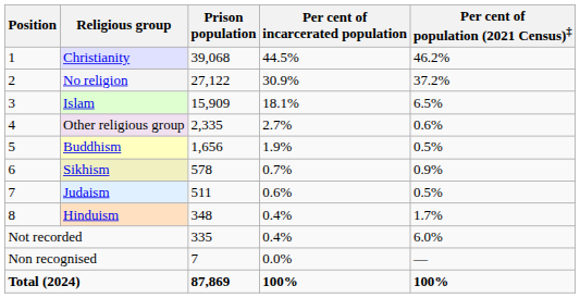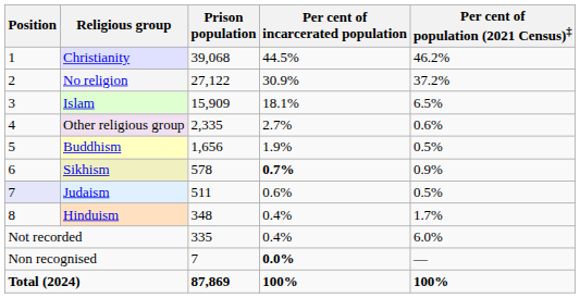 <table class="wikitable sortable">
 <tr>
 <th>Position</th>
 <th>Religious group</th>
 <th>Prison <br>population</th>
 <th>Per cent of <br>incarcerated population</th>
 <th>Per cent of <br>population (2021 Census)<sup>‡</sup></th>
 </tr>
 <tr>
 <td>1</td>
 <td style="background:#E0E0FF;"><a href='#'>Christianity</a></td>
 <td>39,068</td>
 <td>44.5%</td>
 <td>46.2%</td>
 </tr>
 <tr>
 <td>2</td>
 <td style="background:#F5F5F5;"><a href='#'>No religion</a></td>
 <td>27,122</td>
 <td>30.9%</td>
 <td>37.2%</td>
 </tr>
 <tr>
 <td>3</td>
 <td style="background:#E0FFD0;"><a href='#'>Islam</a></td>
 <td>15,909</td>
 <td>18.1%</td>
 <td>6.5%</td>
 </tr>
 <tr>
 <td>4</td>
 <td style="background:#F0E0F0;">Other religious group</td>
 <td>2,335</td>
 <td>2.7%</td>
 <td>0.6%</td>
 </tr>
 <tr>
 <td>5</td>
 <td style="background:#FFFFC0;"><a href='#'>Buddhism</a></td>
 <td>1,656</td>
 <td>1.9%</td>
 <td>0.5%</td>
 </tr>
 <tr>
 <td>6</td>
 <td style="background:#F0F0C0;"><a href='#'>Sikhism</a></td>
 <td>578</td>
-<td>0.7%</td>
+<td><strong>0.7%</strong></td>
 <td>0.9%</td>
 </tr>
 <tr>
-<td>7</td>
+<td style="background: lavender;">7</td>
 <td style="background:#E0F0FF;"><a href='#'>Judaism</a></td>
 <td>511</td>
 <td>0.6%</td>
 <td>0.5%</td>
 </tr>
 <tr>
 <td>8</td>
 <td style="background:#FFE0C0;"><a href='#'>Hinduism</a></td>
 <td>348</td>
 <td>0.4%</td>
 <td>1.7%</td>
 </tr>
 <tr>
 <td colspan="2">Not recorded</td>
 <td>335</td>
 <td>0.4%</td>
 <td>6.0%</td>
 </tr>
 <tr>
 <td colspan="2">Non recognised</td>
 <td>7</td>
-<td>0.0%</td>
+<td><strong>0.0%</strong></td>
 <td>—</td>
 </tr>
 <tr>
 <td colspan="2"><strong>Total (2024)</strong></td>
 <td><strong>87,869</strong></td>
 <td><strong>100%</strong></td>
 <td><strong>100%</strong></td>
 </tr>
 </table>
